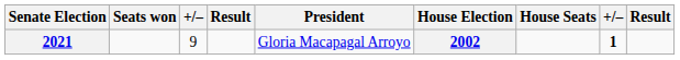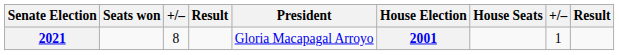 <table class="wikitable" style="text-align:center; font-size:90%">
 <tr>
 <th>Senate Election</th>
 <th>Seats won</th>
 <th>+/–</th>
 <th>Result</th>
 <th>President</th>
 <th>House Election</th>
 <th>House Seats</th>
 <th>+/–</th>
 <th>Result</th>
 </tr>
 <tr>
 <th><a href='#'>2021</a></th>
 <td></td>
-<td> 9</td>
+<td> 8</td>
 <td></td>
 <td rowspan="3" style="background:"><a href='#'>Gloria Macapagal Arroyo</a></td>
-<th><a href='#'>2002</a></th>
+<th><a href='#'>2001</a></th>
 <td></td>
-<td><strong> 1</strong></td>
+<td> 1</td>
 <td></td>
 </tr>
 </table>
